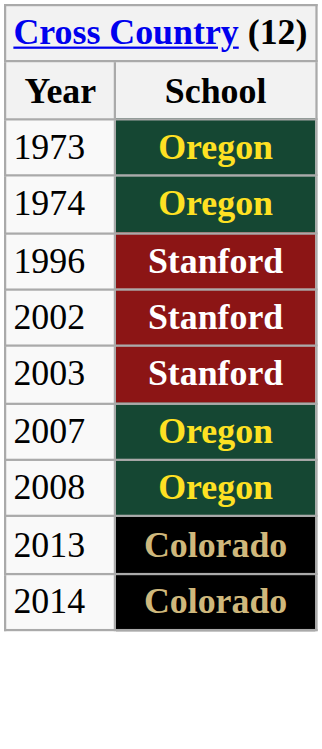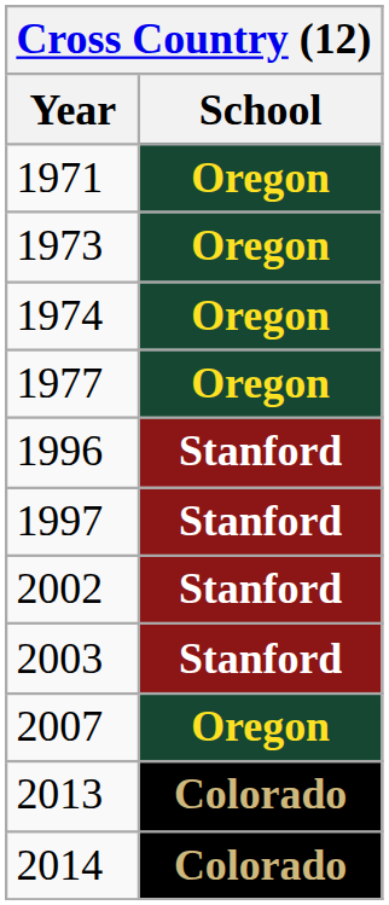 <table class="wikitable">
 <tr>
 <th colspan=2><a href='#'>Cross Country</a> (12)</th>
 </tr>
 <tr>
 <th>Year</th>
 <th>School</th>
+</tr>
+<tr>
+<td>1971</td>
+<th style="background:#154733; color:#FEE123;">Oregon</th>
 </tr>
 <tr>
 <td>1973</td>
 <th style="background:#154733; color:#FEE123;">Oregon</th>
 </tr>
 <tr>
 <td>1974</td>
 <th style="background:#154733; color:#FEE123;">Oregon</th>
 </tr>
 <tr>
+<td>1977</td>
+<th style="background:#154733; color:#FEE123;">Oregon</th>
+</tr>
+<tr>
 <td>1996</td>
+<th style="background:#8C1515; color:#FFFFFF;">Stanford</th>
+</tr>
+<tr>
+<td>1997</td>
 <th style="background:#8C1515; color:#FFFFFF;">Stanford</th>
 </tr>
 <tr>
 <td>2002</td>
 <th style="background:#8C1515; color:#FFFFFF;">Stanford</th>
 </tr>
 <tr>
 <td>2003</td>
 <th style="background:#8C1515; color:#FFFFFF;">Stanford</th>
 </tr>
 <tr>
 <td>2007</td>
 <th style="background:#154733; color:#FEE123;">Oregon</th>
 </tr>
 <tr>
-<td>2008</td>
-<th style="background:#154733; color:#FEE123;">Oregon</th>
-</tr>
-<tr>
 <td>2013</td>
 <th style="background:#000000; color:#CFB87C;">Colorado</th>
 </tr>
 <tr>
 <td>2014</td>
 <th style="background:#000000; color:#CFB87C;">Colorado</th>
 </tr>
 </table>
